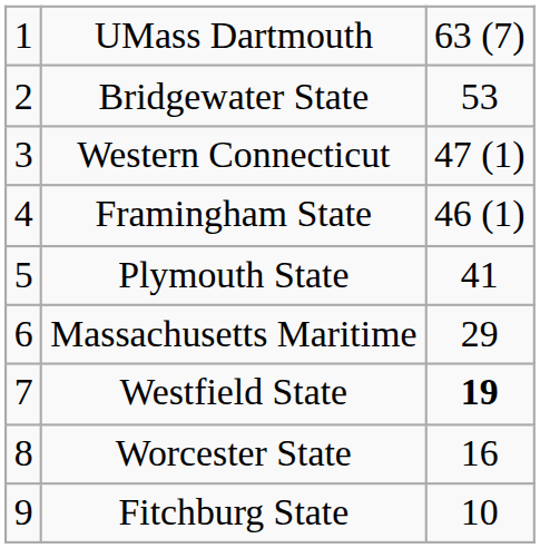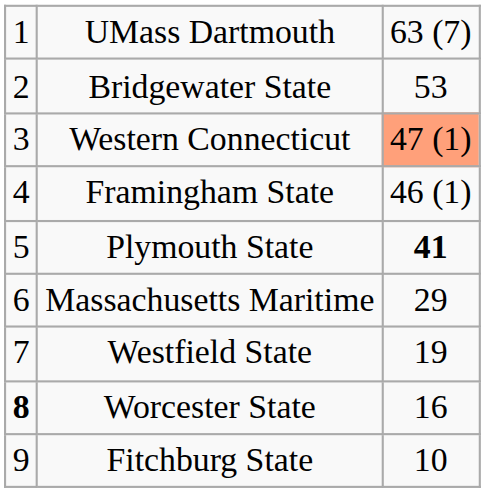 <table class="wikitable" style="display: inline-table;">
 <tr align="center">
 <td>1</td>
 <td>UMass Dartmouth</td>
 <td>63 (7)</td>
 </tr>
 <tr align="center">
 <td>2</td>
 <td>Bridgewater State</td>
 <td>53</td>
 </tr>
 <tr align="center">
 <td>3</td>
 <td>Western Connecticut</td>
-<td>47 (1)</td>
+<td style="background: lightsalmon;">47 (1)</td>
 </tr>
 <tr align="center">
 <td>4</td>
 <td>Framingham State</td>
 <td>46 (1)</td>
 </tr>
 <tr align="center">
 <td>5</td>
 <td>Plymouth State</td>
-<td>41</td>
+<td><strong>41</strong></td>
 </tr>
 <tr align="center">
 <td>6</td>
 <td>Massachusetts Maritime</td>
 <td>29</td>
 </tr>
 <tr align="center">
 <td>7</td>
 <td>Westfield State</td>
-<td><strong>19</strong></td>
+<td>19</td>
 </tr>
 <tr align="center">
-<td>8</td>
+<td><strong>8</strong></td>
 <td>Worcester State</td>
 <td>16</td>
 </tr>
 <tr align="center">
 <td>9</td>
 <td>Fitchburg State</td>
 <td>10</td>
 </tr>
 </table>
